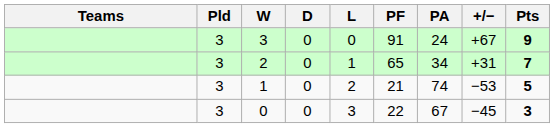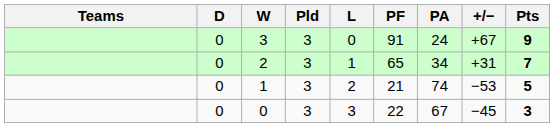 <table class="wikitable" style="text-align: center;">
 <tr>
 <th width="200">Teams</th>
+<th width="40">D</th>
+<th width="40">W</th>
 <th width="40">Pld</th>
-<th width="40">W</th>
-<th width="40">D</th>
 <th width="40">L</th>
 <th width="40">PF</th>
 <th width="40">PA</th>
 <th width="40">+/−</th>
 <th width="40">Pts</th>
 </tr>
 <tr bgcolor=ccffcc>
 <td align=left></td>
+<td>0</td>
 <td>3</td>
 <td>3</td>
-<td>0</td>
 <td>0</td>
 <td>91</td>
 <td>24</td>
 <td>+67</td>
 <td><strong>9</strong></td>
 </tr>
 <tr bgcolor=ccffcc>
 <td align=left></td>
+<td>0</td>
+<td>2</td>
 <td>3</td>
-<td>2</td>
-<td>0</td>
 <td>1</td>
 <td>65</td>
 <td>34</td>
 <td>+31</td>
 <td><strong>7</strong></td>
 </tr>
 <tr>
 <td align=left></td>
+<td>0</td>
+<td>1</td>
 <td>3</td>
-<td>1</td>
-<td>0</td>
 <td>2</td>
 <td>21</td>
 <td>74</td>
 <td>−53</td>
 <td><strong>5</strong></td>
 </tr>
 <tr>
 <td align=left></td>
-<td>3</td>
 <td>0</td>
 <td>0</td>
+<td>3</td>
 <td>3</td>
 <td>22</td>
 <td>67</td>
 <td>−45</td>
 <td><strong>3</strong></td>
 </tr>
 </table>
